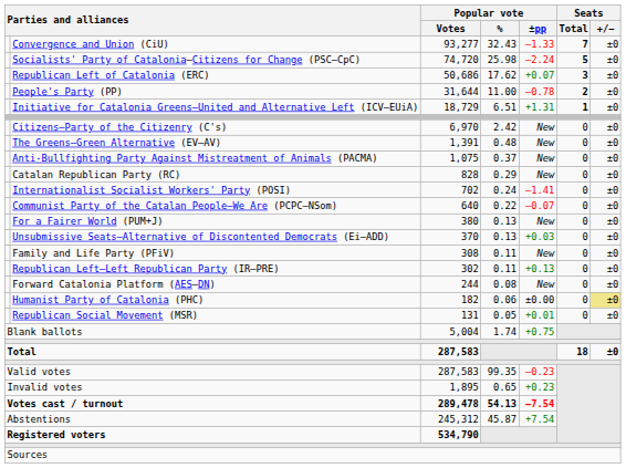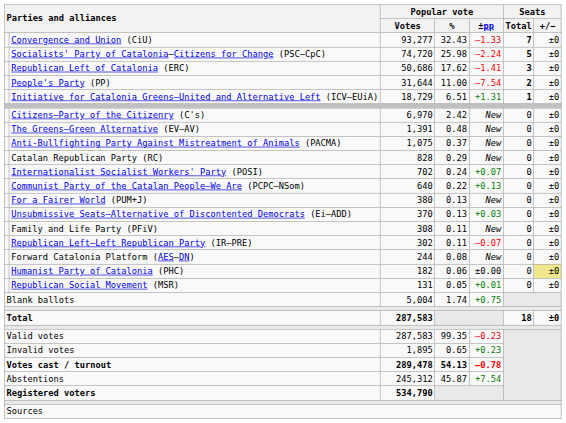 <table class="wikitable" style="text-align:right;">
 <tr>
 <th style="text-align:left;" rowspan="2" colspan="2" width="525">Parties and alliances</th>
 <th colspan="3">Popular vote</th>
 <th colspan="2">Seats</th>
 </tr>
 <tr>
 <th width="75">Votes</th>
 <th width="45">%</th>
 <th width="45">±<a href='#'>pp</a></th>
 <th width="35">Total</th>
 <th width="35">+/−</th>
 </tr>
 <tr>
 <td width="1" style="color:inherit;background:"></td>
 <td align="left"><a href='#'>Convergence and Union</a> (CiU)</td>
 <td>93,277</td>
 <td>32.43</td>
 <td style="color:red;">–1.33</td>
 <td><strong>7</strong></td>
 <td>±0</td>
 </tr>
 <tr>
 <td style="color:inherit;background:"></td>
 <td align="left"><a href='#'>Socialists' Party of Catalonia</a>–<a href='#'>Citizens for Change</a> (PSC–CpC)</td>
 <td>74,720</td>
 <td>25.98</td>
 <td style="color:red;">–2.24</td>
 <td><strong>5</strong></td>
 <td>±0</td>
 </tr>
 <tr>
 <td style="color:inherit;background:"></td>
 <td align="left"><a href='#'>Republican Left of Catalonia</a> (ERC)</td>
 <td>50,686</td>
 <td>17.62</td>
-<td style="color:green;">+0.07</td>
+<td style="color:red;">–1.41</td>
 <td><strong>3</strong></td>
 <td>±0</td>
 </tr>
 <tr>
 <td style="color:inherit;background:"></td>
 <td align="left"><a href='#'>People's Party</a> (PP)</td>
 <td>31,644</td>
 <td>11.00</td>
-<td style="color:red;">–0.78</td>
+<td style="color:red;">–7.54</td>
 <td><strong>2</strong></td>
 <td>±0</td>
 </tr>
 <tr>
 <td style="color:inherit;background:"></td>
 <td align="left"><a href='#'>Initiative for Catalonia Greens–United and Alternative Left</a> (ICV–EUiA)</td>
 <td>18,729</td>
 <td>6.51</td>
 <td style="color:green;">+1.31</td>
 <td><strong>1</strong></td>
 <td>±0</td>
 </tr>
 <tr>
 <td colspan="7" bgcolor="#C0C0C0"></td>
 </tr>
 <tr>
 <td style="color:inherit;background:"></td>
 <td align="left"><a href='#'>Citizens–Party of the Citizenry</a> (C's)</td>
 <td>6,970</td>
 <td>2.42</td>
 <td><em>New</em></td>
 <td>0</td>
 <td>±0</td>
 </tr>
 <tr>
 <td style="color:inherit;background:"></td>
 <td align="left"><a href='#'>The Greens–Green Alternative</a> (EV–AV)</td>
 <td>1,391</td>
 <td>0.48</td>
 <td><em>New</em></td>
 <td>0</td>
 <td>±0</td>
 </tr>
 <tr>
 <td style="color:inherit;background:"></td>
 <td align="left"><a href='#'>Anti-Bullfighting Party Against Mistreatment of Animals</a> (PACMA)</td>
 <td>1,075</td>
 <td>0.37</td>
 <td><em>New</em></td>
 <td>0</td>
 <td>±0</td>
 </tr>
 <tr>
 <td style="color:inherit;background:"></td>
 <td align="left">Catalan Republican Party (RC)</td>
 <td>828</td>
 <td>0.29</td>
 <td><em>New</em></td>
 <td>0</td>
 <td>±0</td>
 </tr>
 <tr>
 <td style="color:inherit;background:"></td>
 <td align="left"><a href='#'>Internationalist Socialist Workers' Party</a> (POSI)</td>
 <td>702</td>
 <td>0.24</td>
-<td style="color:red;">–1.41</td>
+<td style="color:green;">+0.07</td>
 <td>0</td>
 <td>±0</td>
 </tr>
 <tr>
 <td style="color:inherit;background:"></td>
 <td align="left"><a href='#'>Communist Party of the Catalan People–We Are</a> (PCPC–NSom)</td>
 <td>640</td>
 <td>0.22</td>
-<td style="color:red;">–0.07</td>
+<td style="color:green;">+0.13</td>
 <td>0</td>
 <td>±0</td>
 </tr>
 <tr>
 <td style="color:inherit;background:"></td>
 <td align="left"><a href='#'>For a Fairer World</a> (PUM+J)</td>
 <td>380</td>
 <td>0.13</td>
 <td><em>New</em></td>
 <td>0</td>
 <td>±0</td>
 </tr>
 <tr>
 <td style="color:inherit;background:"></td>
 <td align="left"><a href='#'>Unsubmissive Seats–Alternative of Discontented Democrats</a> (Ei–ADD)</td>
 <td>370</td>
 <td>0.13</td>
 <td style="color:green;">+0.03</td>
 <td>0</td>
 <td>±0</td>
 </tr>
 <tr>
 <td style="color:inherit;background:"></td>
 <td align="left">Family and Life Party (PFiV)</td>
 <td>308</td>
 <td>0.11</td>
 <td><em>New</em></td>
 <td>0</td>
 <td>±0</td>
 </tr>
 <tr>
 <td style="color:inherit;background:"></td>
 <td align="left"><a href='#'>Republican Left–Left Republican Party</a> (IR–PRE)</td>
 <td>302</td>
 <td>0.11</td>
-<td style="color:green;">+0.13</td>
+<td style="color:red;">–0.07</td>
 <td>0</td>
 <td>±0</td>
 </tr>
 <tr>
 <td style="color:inherit;background:"></td>
 <td align="left">Forward Catalonia Platform (<a href='#'>AES</a>–<a href='#'>DN</a>)</td>
 <td>244</td>
 <td>0.08</td>
 <td><em>New</em></td>
 <td>0</td>
 <td>±0</td>
 </tr>
 <tr>
 <td style="color:inherit;background:"></td>
 <td align="left"><a href='#'>Humanist Party of Catalonia</a> (PHC)</td>
 <td>182</td>
 <td>0.06</td>
 <td>±0.00</td>
 <td>0</td>
 <td style="background: khaki;">±0</td>
 </tr>
 <tr>
 <td style="color:inherit;background:"></td>
 <td align="left"><a href='#'>Republican Social Movement</a> (MSR)</td>
 <td>131</td>
 <td>0.05</td>
 <td style="color:green;">+0.01</td>
 <td>0</td>
 <td>±0</td>
 </tr>
 <tr>
 <td align="left" colspan="2">Blank ballots</td>
 <td>5,004</td>
 <td>1.74</td>
 <td style="color:green;">+0.75</td>
 <td bgcolor="#E9E9E9" colspan="2"></td>
 </tr>
 <tr>
 <td colspan="7" bgcolor="#E9E9E9"></td>
 </tr>
 <tr style="font-weight:bold;">
 <td align="left" colspan="2">Total</td>
 <td>287,583</td>
 <td bgcolor="#E9E9E9" colspan="2"></td>
 <td>18</td>
 <td>±0</td>
 </tr>
 <tr>
 <td colspan="7" bgcolor="#E9E9E9"></td>
 </tr>
 <tr>
 <td align="left" colspan="2">Valid votes</td>
 <td>287,583</td>
 <td>99.35</td>
 <td style="color:red;">–0.23</td>
 <td bgcolor="#E9E9E9" colspan="2" rowspan="5"></td>
 </tr>
 <tr>
 <td align="left" colspan="2">Invalid votes</td>
 <td>1,895</td>
 <td>0.65</td>
 <td style="color:green;">+0.23</td>
 </tr>
 <tr style="font-weight:bold;">
 <td align="left" colspan="2">Votes cast / turnout</td>
 <td>289,478</td>
 <td>54.13</td>
-<td style="color:red;">–7.54</td>
+<td style="color:red;">–0.78</td>
 </tr>
 <tr>
 <td align="left" colspan="2">Abstentions</td>
 <td>245,312</td>
 <td>45.87</td>
 <td style="color:green;">+7.54</td>
 </tr>
 <tr style="font-weight:bold;">
 <td align="left" colspan="2">Registered voters</td>
 <td>534,790</td>
 <td bgcolor="#E9E9E9" colspan="2"></td>
 </tr>
 <tr>
 <td colspan="7" bgcolor="#E9E9E9"></td>
 </tr>
 <tr>
 <td align="left" colspan="7">Sources</td>
 </tr>
 </table>
